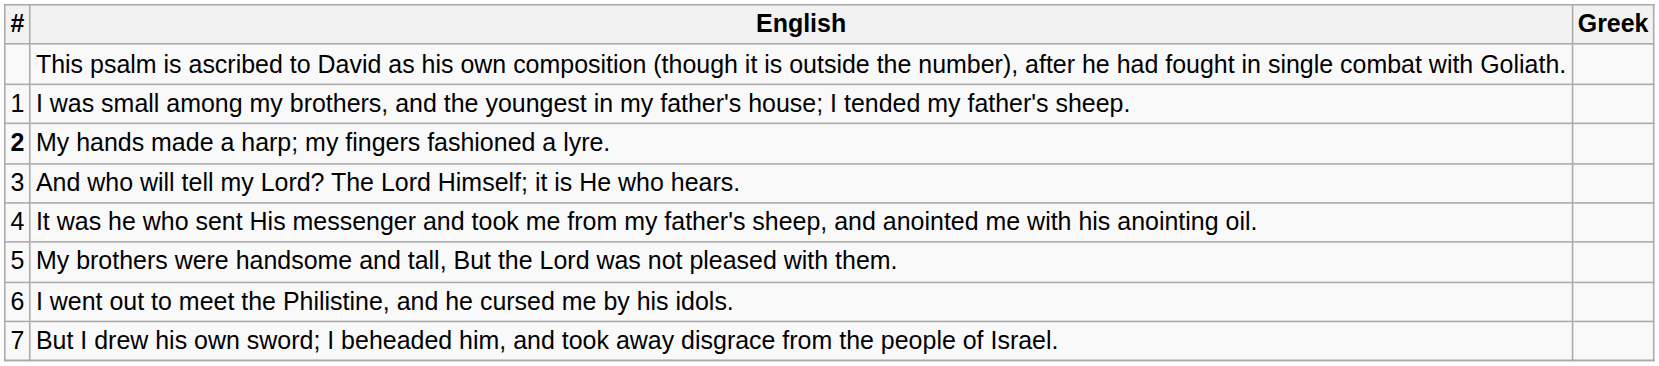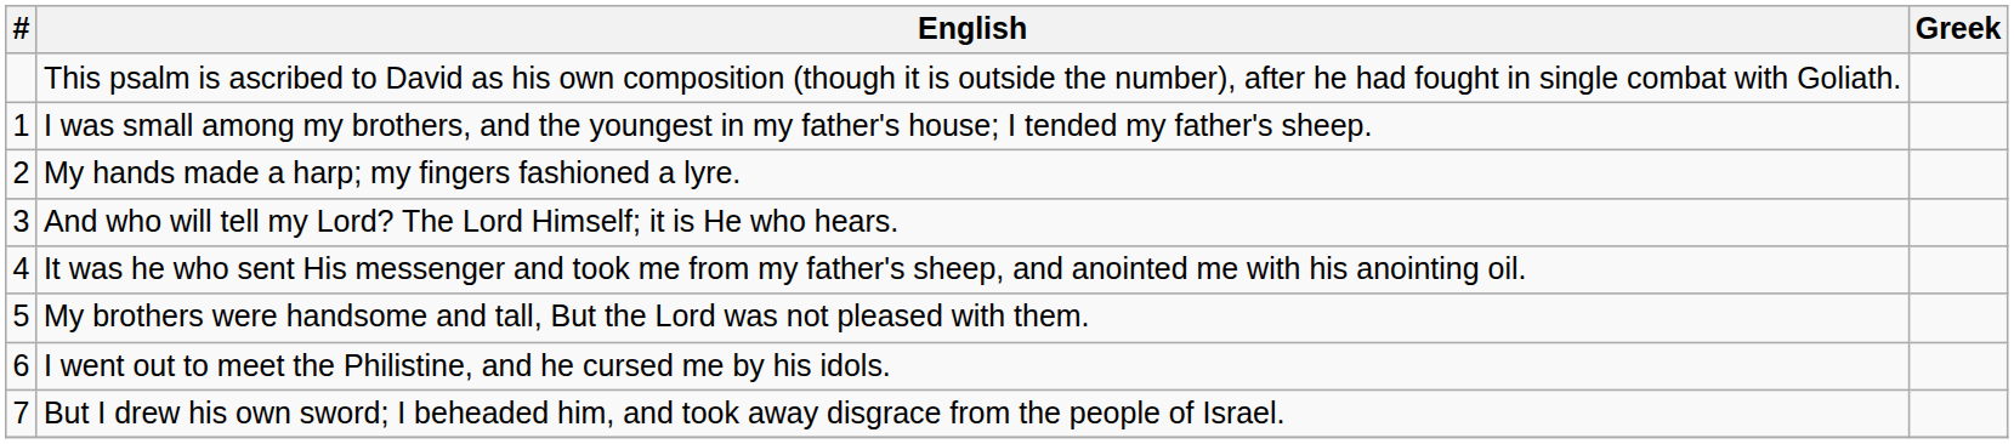 <table class=wikitable>
 <tr>
 <th>#</th>
 <th>English</th>
 <th>Greek</th>
 </tr>
 <tr>
 <td style="text-align:right"></td>
 <td>This psalm is ascribed to David as his own composition (though it is outside the number), after he had fought in single combat with Goliath.</td>
 <td></td>
 </tr>
 <tr>
 <td style="text-align:right">1</td>
 <td>I was small among my brothers, and the youngest in my father's house; I tended my father's sheep.</td>
 <td></td>
 </tr>
 <tr>
-<td style="text-align:right"><strong>2</strong></td>
+<td style="text-align:right">2</td>
 <td>My hands made a harp; my fingers fashioned a lyre.</td>
 <td></td>
 </tr>
 <tr>
 <td style="text-align:right">3</td>
 <td>And who will tell my Lord? The Lord Himself; it is He who hears.</td>
 <td></td>
 </tr>
 <tr>
 <td style="text-align:right">4</td>
 <td>It was he who sent His messenger and took me from my father's sheep, and anointed me with his anointing oil.</td>
 <td></td>
 </tr>
 <tr>
 <td style="text-align:right">5</td>
 <td>My brothers were handsome and tall, But the Lord was not pleased with them.</td>
 <td></td>
 </tr>
 <tr>
 <td style="text-align:right">6</td>
 <td>I went out to meet the Philistine, and he cursed me by his idols.</td>
 <td></td>
 </tr>
 <tr>
 <td style="text-align:right">7</td>
 <td>But I drew his own sword; I beheaded him, and took away disgrace from the people of Israel.</td>
 <td></td>
 </tr>
 <tr>
 </tr>
 </table>
